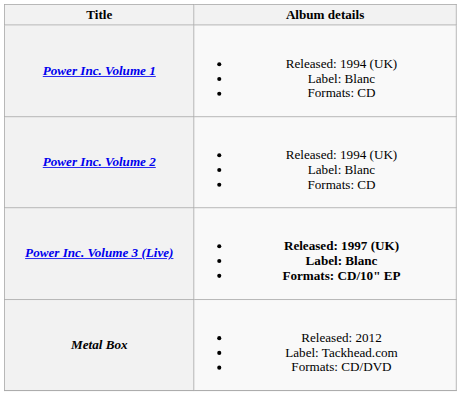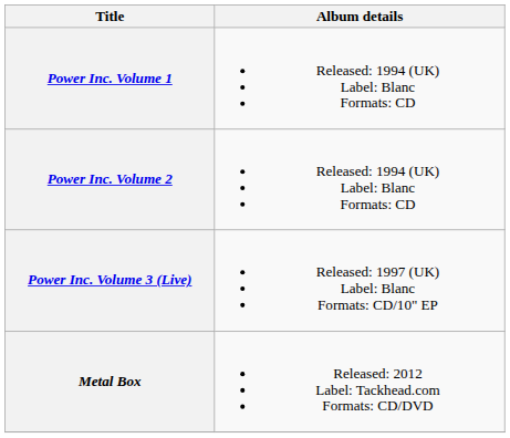 <table class="wikitable plainrowheaders" style="text-align:center;">
 <tr>
 <th scope="col" rowspan="1" style="width:14em;">Title</th>
 <th scope="col" rowspan="1" style="width:19.5em;">Album details</th>
 </tr>
 <tr>
 <th scope="row"><em><a href='#'>Power Inc. Volume 1</a></em></th>
 <td><br><ul><li>Released: 1994 <span>(UK)</span></li><li>Label: Blanc</li><li>Formats: CD</li></ul></td>
 </tr>
 <tr>
 <th scope="row"><em><a href='#'>Power Inc. Volume 2</a></em></th>
 <td><br><ul><li>Released: 1994 <span>(UK)</span></li><li>Label: Blanc</li><li>Formats: CD</li></ul></td>
 </tr>
 <tr>
 <th scope="row"><em><a href='#'>Power Inc. Volume 3 (Live)</a></em></th>
-<td><strong><br><ul><li>Released: 1997 <span>(UK)</span></li><li>Label: Blanc</li><li>Formats: CD/10" EP</li></ul></strong></td>
+<td><br><ul><li>Released: 1997 <span>(UK)</span></li><li>Label: Blanc</li><li>Formats: CD/10" EP</li></ul></td>
 </tr>
 <tr>
 <th scope="row"><em>Metal Box</em></th>
 <td><br><ul><li>Released: 2012</li><li>Label: Tackhead.com</li><li>Formats: CD/DVD</li></ul></td>
 </tr>
 <tr>
 </tr>
 </table>
